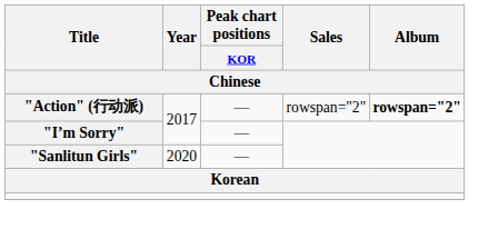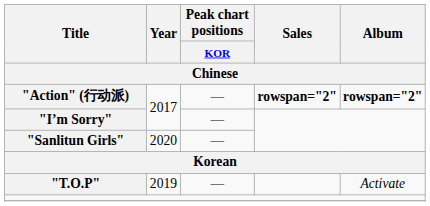 <table class="wikitable plainrowheaders" style="text-align:center;">
 <tr>
 <th scope="col" rowspan="2" style="width:10em;">Title</th>
 <th scope="col" rowspan="2">Year</th>
 <th scope="col" colspan="1" style="width:5em;">Peak chart positions</th>
 <th scope="col" rowspan="2">Sales</th>
 <th scope="col" rowspan="2">Album</th>
 </tr>
 <tr>
 <th><small><a href='#'>KOR</a></small><br></th>
 </tr>
 <tr>
 <th colspan="5">Chinese</th>
 </tr>
 <tr>
 <th scope="row">"Action" (行动派)</th>
 <td rowspan="2">2017</td>
 <td>—</td>
-<td>rowspan="2" </td>
+<td><strong>rowspan="2" </strong></td>
 <td><strong>rowspan="2" </strong></td>
 </tr>
 <tr>
 <th scope="row">"I’m Sorry"</th>
 <td>—</td>
 </tr>
 <tr>
 <th scope="row">"Sanlitun Girls"</th>
 <td>2020</td>
 <td>—</td>
 </tr>
 <tr>
 <th colspan="5">Korean</th>
 </tr>
 <tr>
+<th scope="row">"T.O.P"</th>
+<td>2019</td>
+<td>—</td>
+<td></td>
+<td><em>Activate</em></td>
+</tr>
+<tr>
 <td colspan="5"></td>
 </tr>
 <tr>
 </tr>
 </table>
